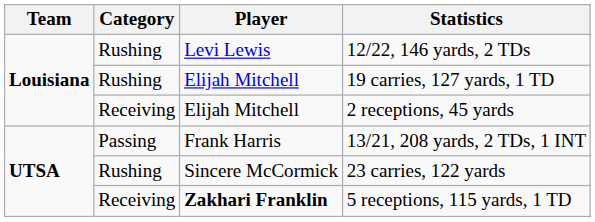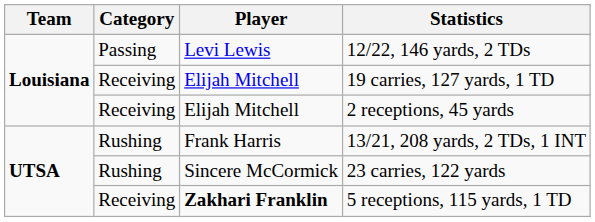 <table class="wikitable" style="float: left;">
 <tr>
 <th>Team</th>
 <th>Category</th>
 <th>Player</th>
 <th>Statistics</th>
 </tr>
 <tr>
 <td rowspan=3><strong>Louisiana</strong></td>
-<td>Rushing</td>
+<td>Passing</td>
 <td><a href='#'>Levi Lewis</a></td>
 <td>12/22, 146 yards, 2 TDs</td>
 </tr>
 <tr>
-<td>Rushing</td>
+<td>Receiving</td>
 <td><a href='#'>Elijah Mitchell</a></td>
 <td>19 carries, 127 yards, 1 TD</td>
 </tr>
 <tr>
 <td>Receiving</td>
 <td>Elijah Mitchell</td>
 <td>2 receptions, 45 yards</td>
 </tr>
 <tr>
 <td rowspan=3><strong>UTSA</strong></td>
-<td>Passing</td>
+<td>Rushing</td>
 <td>Frank Harris</td>
 <td>13/21, 208 yards, 2 TDs, 1 INT</td>
 </tr>
 <tr>
 <td>Rushing</td>
 <td>Sincere McCormick</td>
 <td>23 carries, 122 yards</td>
 </tr>
 <tr>
 <td>Receiving</td>
 <td><strong>Zakhari Franklin</strong></td>
 <td>5 receptions, 115 yards, 1 TD</td>
 </tr>
 </table>
